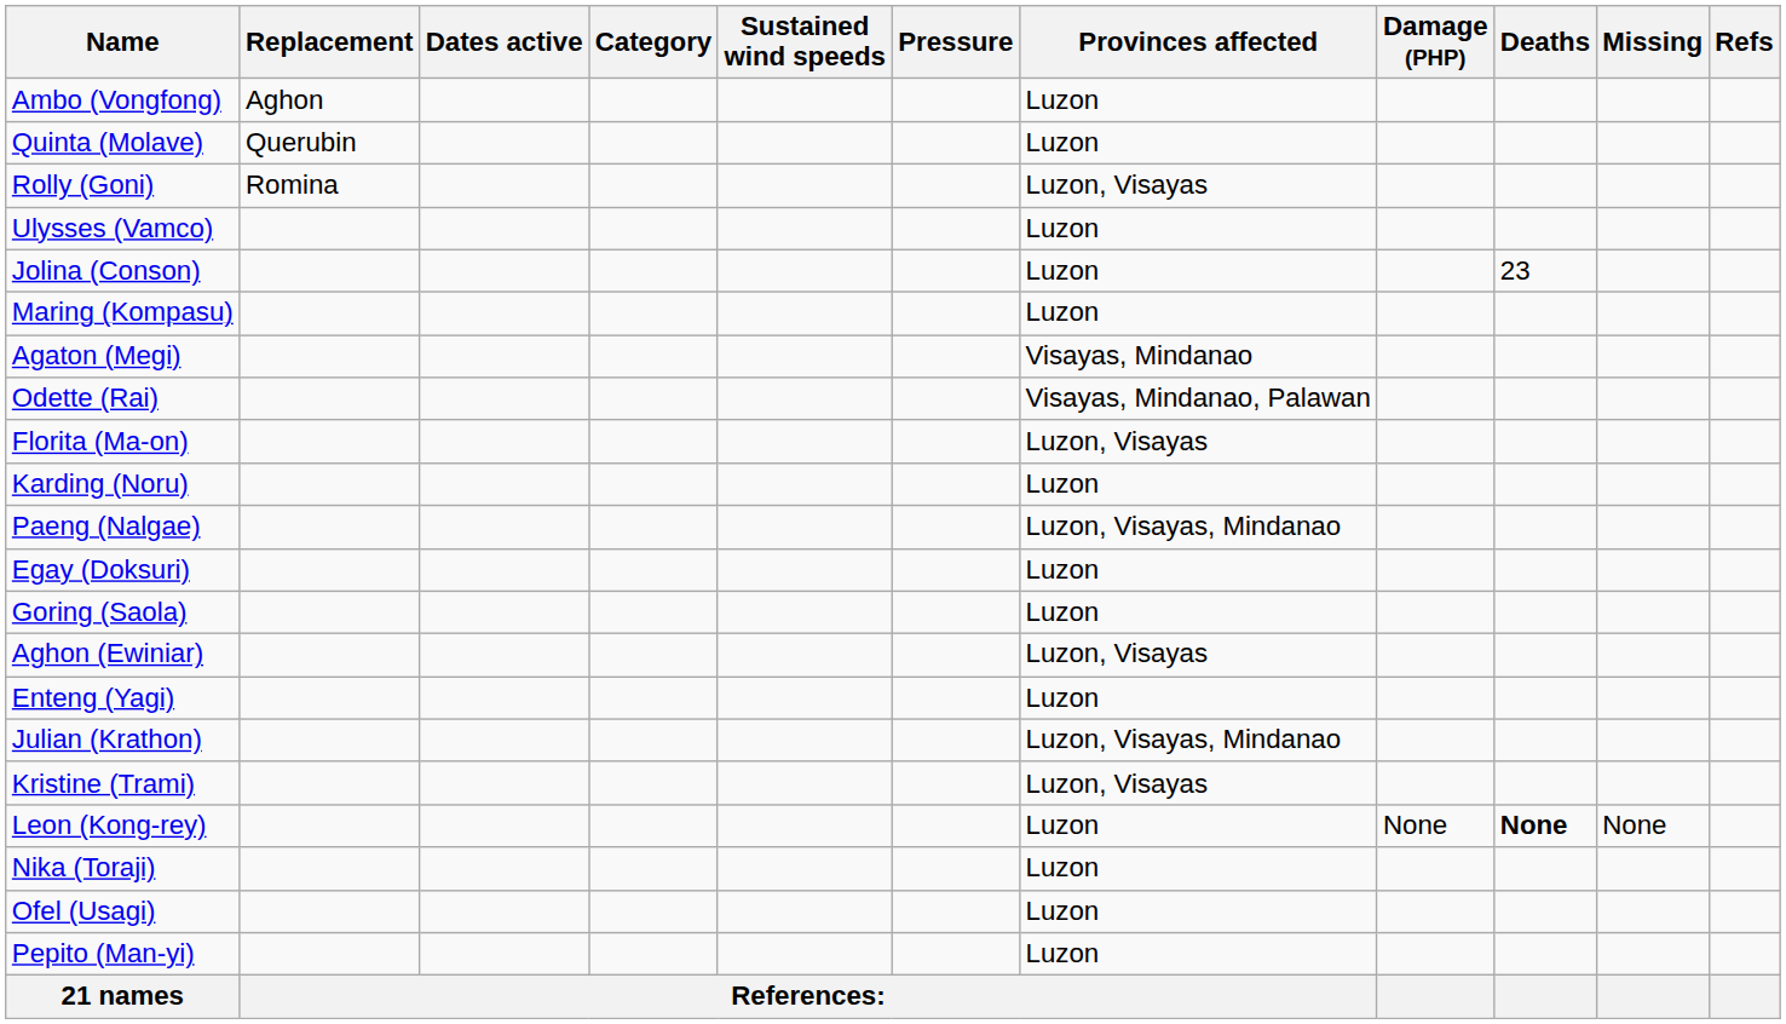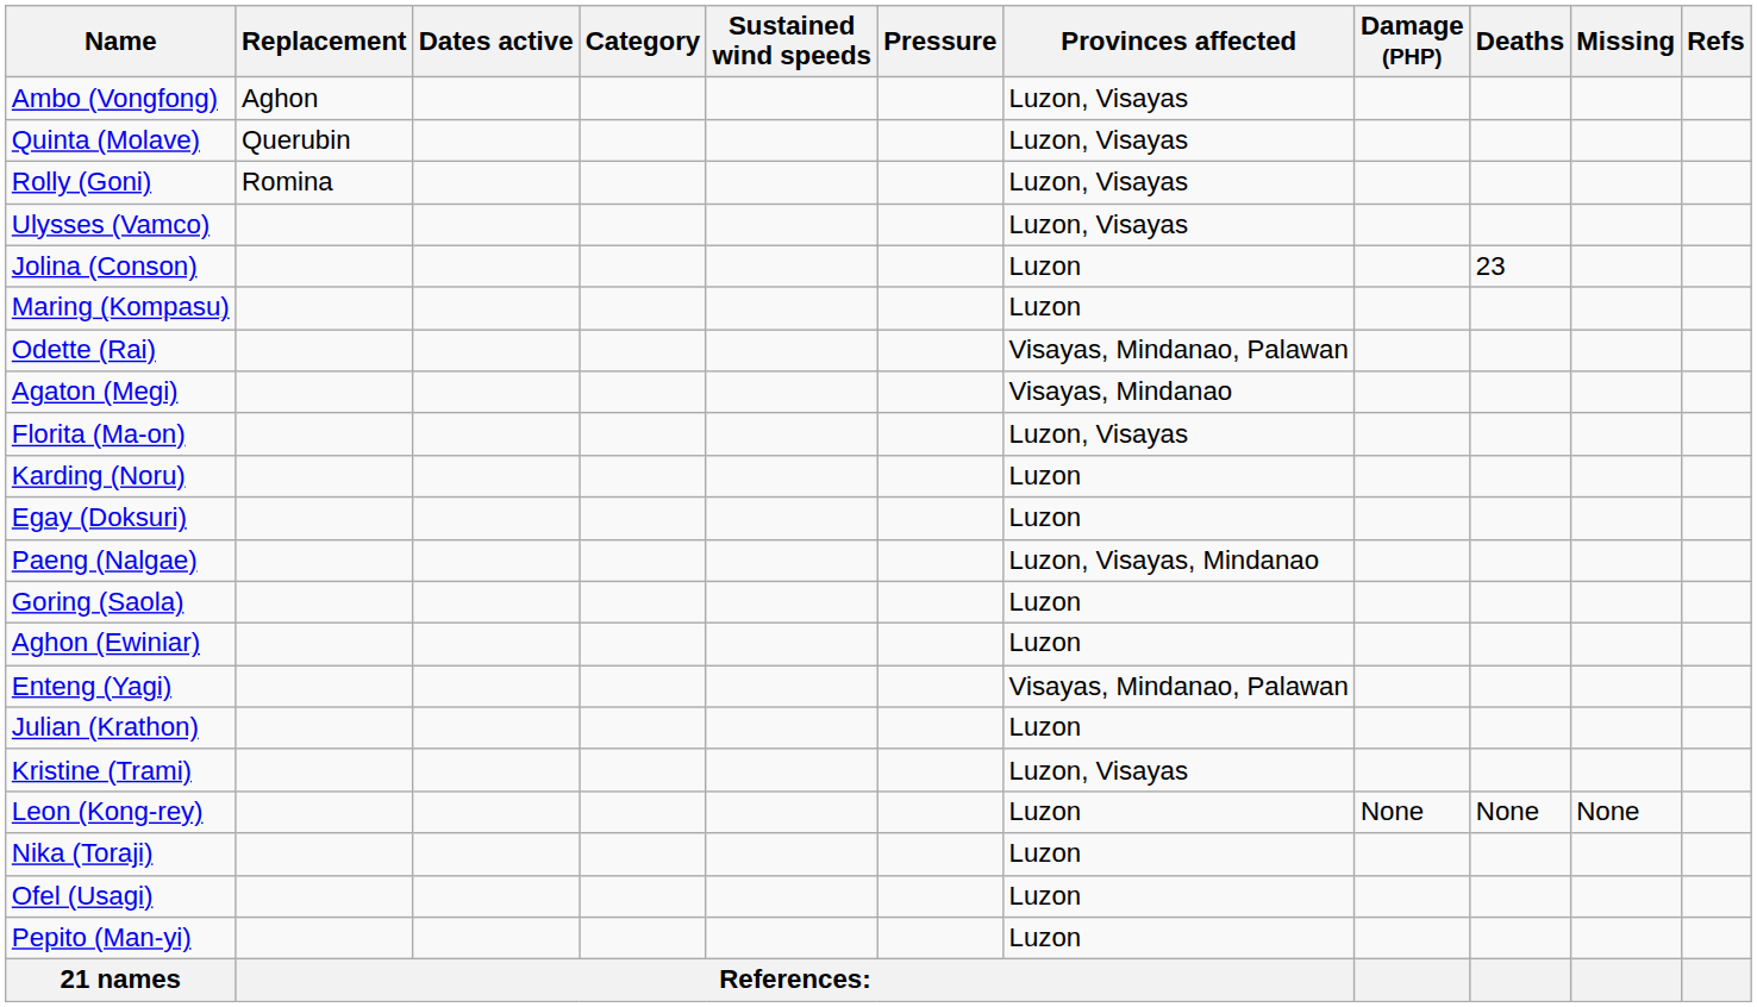 <table class="wikitable sortable">
 <tr>
 <th>Name</th>
 <th>Replacement</th>
 <th>Dates active</th>
 <th>Category</th>
 <th>Sustained <br>wind speeds</th>
 <th>Pressure</th>
 <th class="unsortable">Provinces affected</th>
 <th>Damage<br><small>(PHP)</small></th>
 <th>Deaths</th>
 <th>Missing</th>
 <th class="unsortable">Refs</th>
 </tr>
 <tr>
 <td><a href='#'>Ambo (Vongfong)</a></td>
 <td>Aghon</td>
 <td></td>
 <td></td>
 <td></td>
 <td></td>
-<td>Luzon</td>
+<td>Luzon, Visayas</td>
 <td></td>
 <td></td>
 <td></td>
 <td></td>
 </tr>
 <tr>
 <td><a href='#'>Quinta (Molave)</a></td>
 <td>Querubin</td>
 <td></td>
 <td></td>
 <td></td>
 <td></td>
-<td>Luzon</td>
+<td>Luzon, Visayas</td>
 <td></td>
 <td></td>
 <td></td>
 <td></td>
 </tr>
 <tr>
 <td><a href='#'>Rolly (Goni)</a></td>
 <td>Romina</td>
 <td></td>
 <td></td>
 <td></td>
 <td></td>
 <td>Luzon, Visayas</td>
 <td></td>
 <td></td>
 <td></td>
 <td></td>
 </tr>
 <tr>
 <td><a href='#'>Ulysses (Vamco)</a></td>
 <td></td>
 <td></td>
 <td></td>
 <td></td>
 <td></td>
-<td>Luzon</td>
+<td>Luzon, Visayas</td>
 <td></td>
 <td></td>
 <td></td>
 <td></td>
 </tr>
 <tr>
 <td><a href='#'>Jolina (Conson)</a></td>
 <td></td>
 <td></td>
 <td></td>
 <td></td>
 <td></td>
 <td>Luzon</td>
 <td></td>
 <td>23</td>
 <td></td>
 <td></td>
 </tr>
 <tr>
 <td><a href='#'>Maring (Kompasu)</a></td>
 <td></td>
 <td></td>
 <td></td>
 <td></td>
 <td></td>
 <td>Luzon</td>
 <td></td>
 <td></td>
 <td></td>
 <td></td>
 </tr>
 <tr>
+<td><a href='#'>Odette (Rai)</a></td>
+<td></td>
+<td></td>
+<td></td>
+<td></td>
+<td></td>
+<td>Visayas, Mindanao, Palawan</td>
+<td></td>
+<td></td>
+<td></td>
+<td></td>
+</tr>
+<tr>
 <td><a href='#'>Agaton (Megi)</a></td>
 <td></td>
 <td></td>
 <td></td>
 <td></td>
 <td></td>
 <td>Visayas, Mindanao</td>
-<td></td>
-<td></td>
-<td></td>
-<td></td>
-</tr>
-<tr>
-<td><a href='#'>Odette (Rai)</a></td>
-<td></td>
-<td></td>
-<td></td>
-<td></td>
-<td></td>
-<td>Visayas, Mindanao, Palawan</td>
 <td></td>
 <td></td>
 <td></td>
 <td></td>
 </tr>
 <tr>
 <td><a href='#'>Florita (Ma-on)</a></td>
 <td></td>
 <td></td>
 <td></td>
 <td></td>
 <td></td>
 <td>Luzon, Visayas</td>
 <td></td>
 <td></td>
 <td></td>
 <td></td>
 </tr>
 <tr>
 <td><a href='#'>Karding (Noru)</a></td>
 <td></td>
 <td></td>
 <td></td>
 <td></td>
 <td></td>
 <td>Luzon</td>
 <td></td>
 <td></td>
 <td></td>
 <td></td>
 </tr>
 <tr>
+<td><a href='#'>Egay (Doksuri)</a></td>
+<td></td>
+<td></td>
+<td></td>
+<td></td>
+<td></td>
+<td>Luzon</td>
+<td></td>
+<td></td>
+<td></td>
+<td></td>
+</tr>
+<tr>
 <td><a href='#'>Paeng (Nalgae)</a></td>
 <td></td>
 <td></td>
 <td></td>
 <td></td>
 <td></td>
 <td>Luzon, Visayas, Mindanao</td>
-<td></td>
-<td></td>
-<td></td>
-<td></td>
-</tr>
-<tr>
-<td><a href='#'>Egay (Doksuri)</a></td>
-<td></td>
-<td></td>
-<td></td>
-<td></td>
-<td></td>
-<td>Luzon</td>
 <td></td>
 <td></td>
 <td></td>
 <td></td>
 </tr>
 <tr>
 <td><a href='#'>Goring (Saola)</a></td>
 <td></td>
 <td></td>
 <td></td>
 <td></td>
 <td></td>
 <td>Luzon</td>
 <td></td>
 <td></td>
 <td></td>
 <td></td>
 </tr>
 <tr>
 <td><a href='#'>Aghon (Ewiniar)</a></td>
 <td></td>
 <td></td>
 <td></td>
 <td></td>
 <td></td>
-<td>Luzon, Visayas</td>
+<td>Luzon</td>
 <td></td>
 <td></td>
 <td></td>
 <td></td>
 </tr>
 <tr>
 <td><a href='#'>Enteng (Yagi)</a></td>
 <td></td>
 <td></td>
 <td></td>
 <td></td>
 <td></td>
-<td>Luzon</td>
+<td>Visayas, Mindanao, Palawan</td>
 <td></td>
 <td></td>
 <td></td>
 <td></td>
 </tr>
 <tr>
 <td><a href='#'>Julian (Krathon)</a></td>
 <td></td>
 <td></td>
 <td></td>
 <td></td>
 <td></td>
-<td>Luzon, Visayas, Mindanao</td>
+<td>Luzon</td>
 <td></td>
 <td></td>
 <td></td>
 <td></td>
 </tr>
 <tr>
 <td><a href='#'>Kristine (Trami)</a></td>
 <td></td>
 <td></td>
 <td></td>
 <td></td>
 <td></td>
 <td>Luzon, Visayas</td>
 <td></td>
 <td></td>
 <td></td>
 <td></td>
 </tr>
 <tr>
 <td><a href='#'>Leon (Kong-rey)</a></td>
 <td></td>
 <td></td>
 <td></td>
 <td></td>
 <td></td>
 <td>Luzon</td>
 <td>None</td>
-<td><strong>None</strong></td>
+<td>None</td>
 <td>None</td>
 <td></td>
 </tr>
 <tr>
 <td><a href='#'>Nika (Toraji)</a></td>
 <td></td>
 <td></td>
 <td></td>
 <td></td>
 <td></td>
 <td>Luzon</td>
 <td></td>
 <td></td>
 <td></td>
 <td></td>
 </tr>
 <tr>
 <td><a href='#'>Ofel (Usagi)</a></td>
 <td></td>
 <td></td>
 <td></td>
 <td></td>
 <td></td>
 <td>Luzon</td>
 <td></td>
 <td></td>
 <td></td>
 <td></td>
 </tr>
 <tr>
 <td><a href='#'>Pepito (Man-yi)</a></td>
 <td></td>
 <td></td>
 <td></td>
 <td></td>
 <td></td>
 <td>Luzon</td>
 <td></td>
 <td></td>
 <td></td>
 <td></td>
 </tr>
 <tr class="sortbottom">
 <th>21 names</th>
 <th colspan="6">References: </th>
 <th></th>
 <th></th>
 <th></th>
 <th></th>
 </tr>
 </table>
